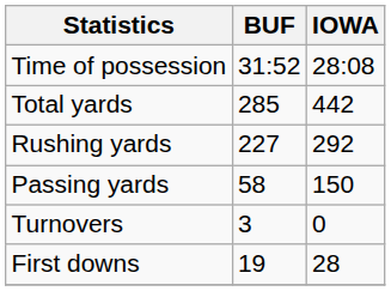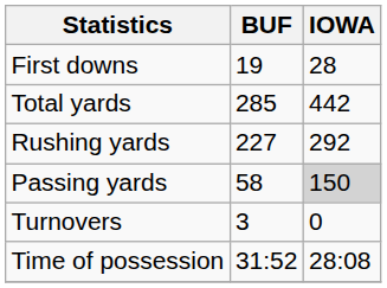 <table class="wikitable">
 <tr>
 <th>Statistics</th>
 <th>BUF</th>
 <th>IOWA</th>
 </tr>
 <tr>
-<td>Time of possession</td>
-<td>31:52</td>
-<td>28:08</td>
+<td>First downs</td>
+<td>19</td>
+<td>28</td>
 </tr>
 <tr>
 <td>Total yards</td>
 <td>285</td>
 <td>442</td>
 </tr>
 <tr>
 <td>Rushing yards</td>
 <td>227</td>
 <td>292</td>
 </tr>
 <tr>
 <td>Passing yards</td>
 <td>58</td>
-<td>150</td>
+<td style="background: lightgrey;">150</td>
 </tr>
 <tr>
 <td>Turnovers</td>
 <td>3</td>
 <td>0</td>
 </tr>
 <tr>
-<td>First downs</td>
-<td>19</td>
-<td>28</td>
+<td>Time of possession</td>
+<td>31:52</td>
+<td>28:08</td>
 </tr>
 <tr>
 </tr>
 </table>
